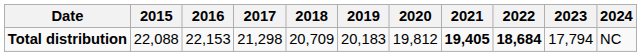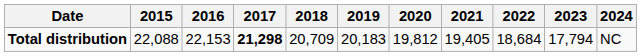 <table class="wikitable">
 <tr>
 <th>Date</th>
 <th>2015</th>
 <th>2016</th>
 <th>2017</th>
 <th>2018</th>
 <th>2019</th>
 <th>2020</th>
 <th>2021</th>
 <th>2022</th>
 <th>2023</th>
 <th>2024</th>
 </tr>
 <tr>
 <td><strong>Total distribution</strong></td>
 <td>22,088</td>
 <td>22,153</td>
-<td>21,298</td>
+<td><strong>21,298</strong></td>
 <td>20,709</td>
 <td>20,183</td>
 <td>19,812</td>
-<td><strong>19,405</strong></td>
-<td><strong>18,684</strong></td>
+<td>19,405</td>
+<td>18,684</td>
 <td>17,794</td>
 <td>NC</td>
 </tr>
 </table>
